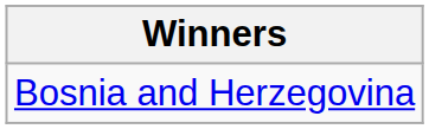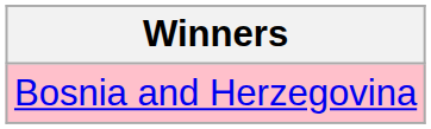 <table class=wikitable style="text-align:center; margin:auto">
 <tr>
 <th>Winners</th>
 </tr>
 <tr>
-<td> <a href='#'>Bosnia and Herzegovina</a></td>
+<td style="background: pink;"> <a href='#'>Bosnia and Herzegovina</a></td>
 </tr>
 </table>
